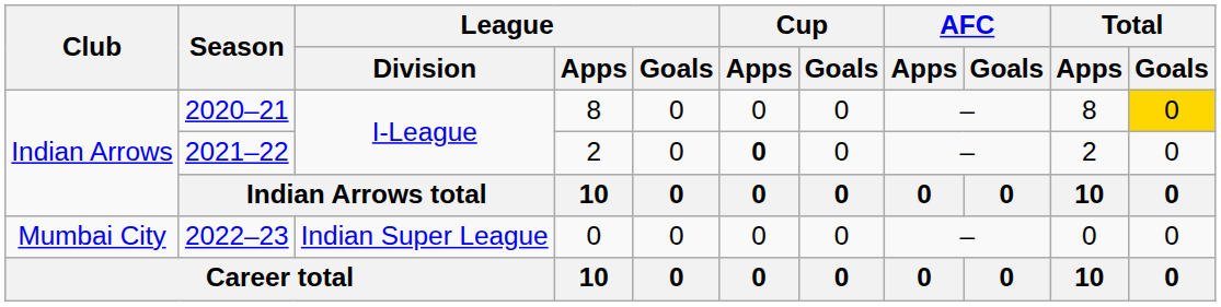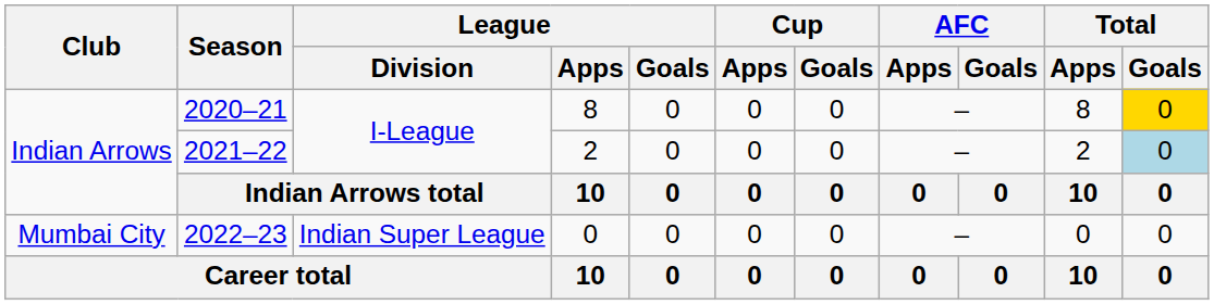 <table class="wikitable" style="text-align: center;">
 <tr>
 <th rowspan="2">Club</th>
 <th rowspan="2">Season</th>
 <th colspan="3">League</th>
 <th colspan="2">Cup</th>
 <th colspan="2"><a href='#'>AFC</a></th>
 <th colspan="2">Total</th>
 </tr>
 <tr>
 <th>Division</th>
 <th>Apps</th>
 <th>Goals</th>
 <th>Apps</th>
 <th>Goals</th>
 <th>Apps</th>
 <th>Goals</th>
 <th>Apps</th>
 <th>Goals</th>
 </tr>
 <tr>
 <td rowspan="3"><a href='#'>Indian Arrows</a></td>
 <td><a href='#'>2020–21</a></td>
 <td rowspan="2"><a href='#'>I-League</a></td>
 <td>8</td>
 <td>0</td>
 <td>0</td>
 <td>0</td>
 <td colspan="2">–</td>
 <td>8</td>
 <td style="background: gold;">0</td>
 </tr>
 <tr>
 <td><a href='#'>2021–22</a></td>
 <td>2</td>
 <td>0</td>
-<td><strong>0</strong></td>
+<td>0</td>
 <td>0</td>
 <td colspan="2">–</td>
 <td>2</td>
-<td>0</td>
+<td style="background: lightblue;">0</td>
 </tr>
 <tr>
 <th colspan="2">Indian Arrows total</th>
 <th>10</th>
 <th>0</th>
 <th>0</th>
 <th>0</th>
 <th>0</th>
 <th>0</th>
 <th>10</th>
 <th>0</th>
 </tr>
 <tr>
 <td rowspan="1"><a href='#'>Mumbai City</a></td>
 <td><a href='#'>2022–23</a></td>
 <td rowspan="1"><a href='#'>Indian Super League</a></td>
 <td>0</td>
 <td>0</td>
 <td>0</td>
 <td>0</td>
 <td colspan="2">–</td>
 <td>0</td>
 <td>0</td>
 </tr>
 <tr>
 <th colspan="3">Career total</th>
 <th>10</th>
 <th>0</th>
 <th>0</th>
 <th>0</th>
 <th>0</th>
 <th>0</th>
 <th>10</th>
 <th>0</th>
 </tr>
 </table>
